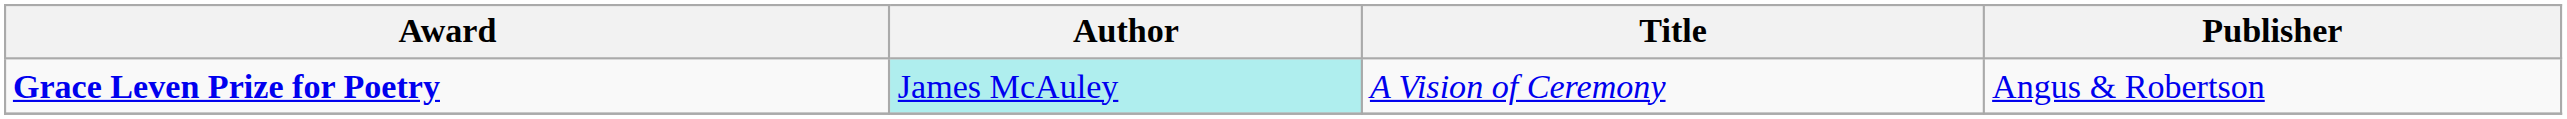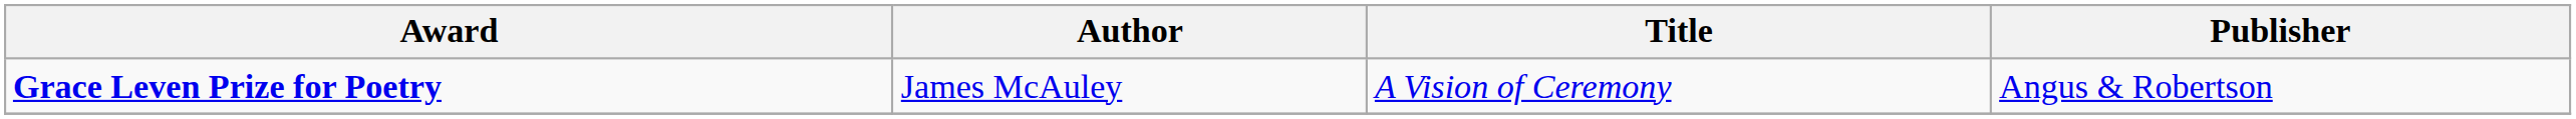 <table class="wikitable" width=95%>
 <tr>
 <th>Award</th>
 <th>Author</th>
 <th>Title</th>
 <th>Publisher</th>
 </tr>
 <tr>
 <td><strong><a href='#'>Grace Leven Prize for Poetry</a></strong></td>
-<td style="background: paleturquoise;"><a href='#'>James McAuley</a></td>
+<td><a href='#'>James McAuley</a></td>
 <td><em><a href='#'>A Vision of Ceremony</a></em></td>
 <td><a href='#'>Angus & Robertson</a></td>
 </tr>
 <tr>
 </tr>
 </table>
